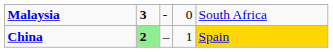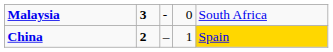 <table class="wikitable">
 <tr>
 <td width=150> <strong><a href='#'>Malaysia</a></strong></td>
 <td style="width:20px; text-align:left;"><strong>3</strong></td>
 <td>-</td>
 <td style="width:20px; text-align:right;">0</td>
 <td width=150> <a href='#'>South Africa</a></td>
 </tr>
 <tr>
 <td> <strong><a href='#'>China</a></strong></td>
-<td style="background: lightgreen; text-align:left;"><strong>2</strong></td>
+<td style="text-align:left;"><strong>2</strong></td>
 <td>–</td>
 <td style="text-align:right;">1</td>
 <td style="background: gold;"> <a href='#'>Spain</a></td>
 </tr>
 </table>
